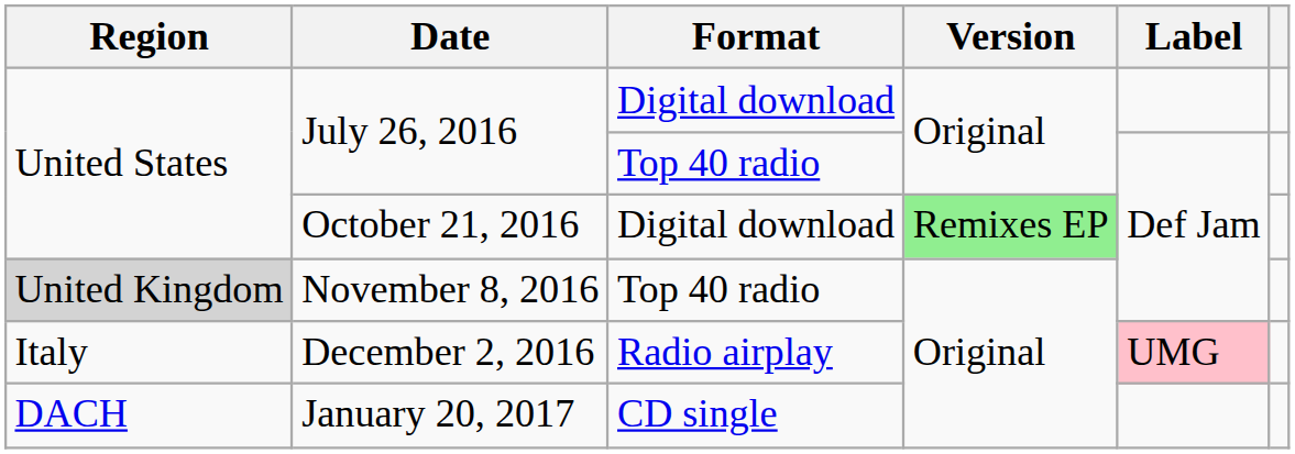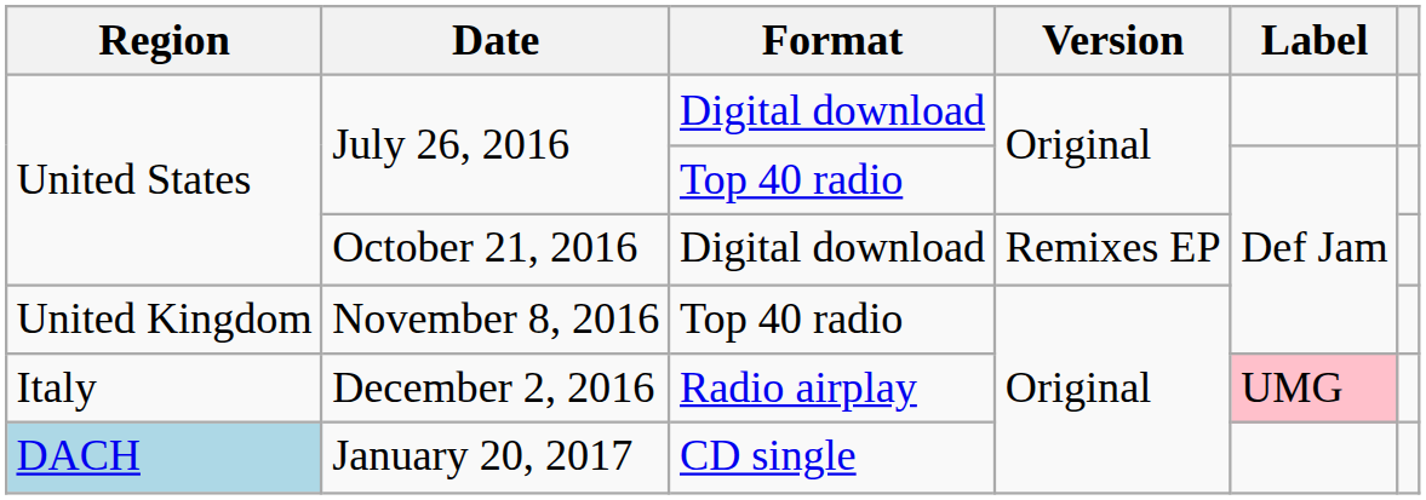 <table class="wikitable">
 <tr>
 <th scope="col">Region</th>
 <th scope="col">Date</th>
 <th scope="col">Format</th>
 <th>Version</th>
 <th scope="col">Label</th>
 <th scope="col"></th>
 </tr>
 <tr>
 <td rowspan="3">United States</td>
 <td rowspan="2">July 26, 2016</td>
 <td><a href='#'>Digital download</a></td>
 <td rowspan="2">Original</td>
 <td></td>
 <td></td>
 </tr>
 <tr>
 <td><a href='#'>Top 40 radio</a></td>
 <td rowspan="3">Def Jam</td>
 <td></td>
 </tr>
 <tr>
 <td>October 21, 2016</td>
 <td>Digital download</td>
-<td style="background: lightgreen;">Remixes EP</td>
+<td>Remixes EP</td>
 <td></td>
 </tr>
 <tr>
-<td style="background: lightgrey;">United Kingdom</td>
+<td>United Kingdom</td>
 <td>November 8, 2016</td>
 <td>Top 40 radio</td>
 <td rowspan="3">Original</td>
 <td></td>
 </tr>
 <tr>
 <td>Italy</td>
 <td>December 2, 2016</td>
 <td><a href='#'>Radio airplay</a></td>
 <td style="background: pink;">UMG</td>
 <td></td>
 </tr>
 <tr>
-<td><a href='#'>DACH</a></td>
+<td style="background: lightblue;"><a href='#'>DACH</a></td>
 <td>January 20, 2017</td>
 <td><a href='#'>CD single</a></td>
 <td></td>
 <td></td>
 </tr>
 </table>
